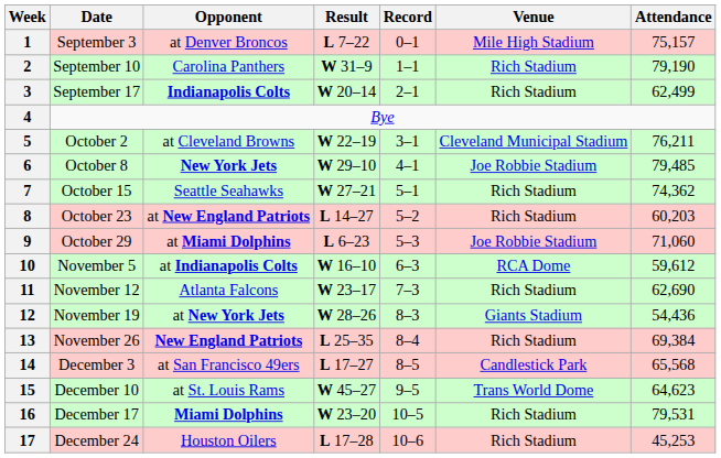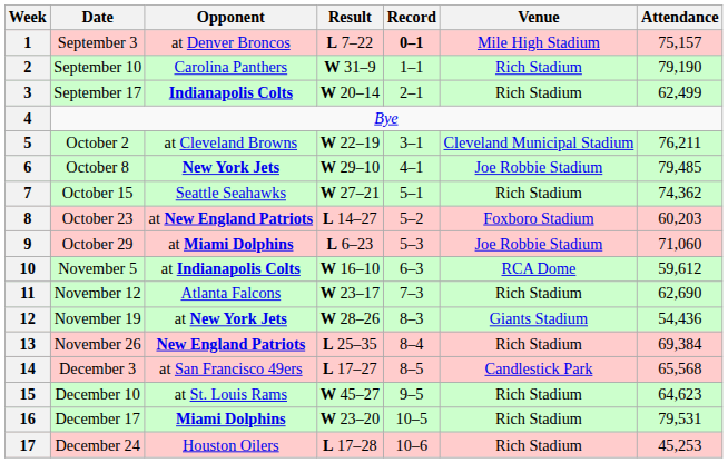 <table class="wikitable" style="text-align:center">
 <tr>
 <th>Week</th>
 <th>Date</th>
 <th>Opponent</th>
 <th>Result</th>
 <th>Record</th>
 <th>Venue</th>
 <th>Attendance</th>
 </tr>
 <tr style="background:#fcc">
 <th>1</th>
 <td>September 3</td>
 <td>at <a href='#'>Denver Broncos</a></td>
 <td><strong>L</strong> 7–22</td>
-<td>0–1</td>
+<td><strong>0–1</strong></td>
 <td><a href='#'>Mile High Stadium</a></td>
 <td>75,157</td>
 </tr>
 <tr style="background:#cfc">
 <th>2</th>
 <td>September 10</td>
 <td><a href='#'>Carolina Panthers</a></td>
 <td><strong>W</strong> 31–9</td>
 <td>1–1</td>
 <td><a href='#'>Rich Stadium</a></td>
 <td>79,190</td>
 </tr>
 <tr style="background:#cfc">
 <th>3</th>
 <td>September 17</td>
 <td><strong><a href='#'>Indianapolis Colts</a></strong></td>
 <td><strong>W</strong> 20–14</td>
 <td>2–1</td>
 <td>Rich Stadium</td>
 <td>62,499</td>
 </tr>
 <tr>
 <th>4</th>
 <td colspan="7" align="center"><em><a href='#'>Bye</a></em></td>
 </tr>
 <tr style="background:#cfc">
 <th>5</th>
 <td>October 2</td>
 <td>at <a href='#'>Cleveland Browns</a></td>
 <td><strong>W</strong> 22–19</td>
 <td>3–1</td>
 <td><a href='#'>Cleveland Municipal Stadium</a></td>
 <td>76,211</td>
 </tr>
 <tr style="background:#cfc">
 <th>6</th>
 <td>October 8</td>
 <td><strong><a href='#'>New York Jets</a></strong></td>
 <td><strong>W</strong> 29–10</td>
 <td>4–1</td>
 <td><a href='#'>Joe Robbie Stadium</a></td>
 <td>79,485</td>
 </tr>
 <tr style="background:#cfc">
 <th>7</th>
 <td>October 15</td>
 <td><a href='#'>Seattle Seahawks</a></td>
 <td><strong>W</strong> 27–21</td>
 <td>5–1</td>
 <td>Rich Stadium</td>
 <td>74,362</td>
 </tr>
 <tr style="background:#fcc">
 <th>8</th>
 <td>October 23</td>
 <td>at <strong><a href='#'>New England Patriots</a></strong></td>
 <td><strong>L</strong> 14–27</td>
 <td>5–2</td>
-<td>Rich Stadium</td>
+<td><a href='#'>Foxboro Stadium</a></td>
 <td>60,203</td>
 </tr>
 <tr style="background:#fcc">
 <th>9</th>
 <td>October 29</td>
 <td>at <strong><a href='#'>Miami Dolphins</a></strong></td>
 <td><strong>L</strong> 6–23</td>
 <td>5–3</td>
 <td><a href='#'>Joe Robbie Stadium</a></td>
 <td>71,060</td>
 </tr>
 <tr style="background:#cfc">
 <th>10</th>
 <td>November 5</td>
 <td>at <strong><a href='#'>Indianapolis Colts</a></strong></td>
 <td><strong>W</strong> 16–10</td>
 <td>6–3</td>
 <td><a href='#'>RCA Dome</a></td>
 <td>59,612</td>
 </tr>
 <tr style="background:#cfc">
 <th>11</th>
 <td>November 12</td>
 <td><a href='#'>Atlanta Falcons</a></td>
 <td><strong>W</strong> 23–17</td>
 <td>7–3</td>
 <td>Rich Stadium</td>
 <td>62,690</td>
 </tr>
 <tr style="background:#cfc">
 <th>12</th>
 <td>November 19</td>
 <td>at <strong><a href='#'>New York Jets</a></strong></td>
 <td><strong>W</strong> 28–26</td>
 <td>8–3</td>
 <td><a href='#'>Giants Stadium</a></td>
 <td>54,436</td>
 </tr>
 <tr style="background:#fcc">
 <th>13</th>
 <td>November 26</td>
 <td><strong><a href='#'>New England Patriots</a></strong></td>
 <td><strong>L</strong> 25–35</td>
 <td>8–4</td>
 <td>Rich Stadium</td>
 <td>69,384</td>
 </tr>
 <tr style="background:#fcc">
 <th>14</th>
 <td>December 3</td>
 <td>at <a href='#'>San Francisco 49ers</a></td>
 <td><strong>L</strong> 17–27</td>
 <td>8–5</td>
 <td><a href='#'>Candlestick Park</a></td>
 <td>65,568</td>
 </tr>
 <tr style="background:#cfc">
 <th>15</th>
 <td>December 10</td>
 <td>at <a href='#'>St. Louis Rams</a></td>
 <td><strong>W</strong> 45–27</td>
 <td>9–5</td>
-<td><a href='#'>Trans World Dome</a></td>
+<td>Rich Stadium</td>
 <td>64,623</td>
 </tr>
 <tr style="background:#cfc">
 <th>16</th>
 <td>December 17</td>
 <td><strong><a href='#'>Miami Dolphins</a></strong></td>
 <td><strong>W</strong> 23–20</td>
 <td>10–5</td>
 <td>Rich Stadium</td>
 <td>79,531</td>
 </tr>
 <tr style="background:#fcc">
 <th>17</th>
 <td>December 24</td>
 <td><a href='#'>Houston Oilers</a></td>
 <td><strong>L</strong> 17–28</td>
 <td>10–6</td>
 <td>Rich Stadium</td>
 <td>45,253</td>
 </tr>
 </table>
